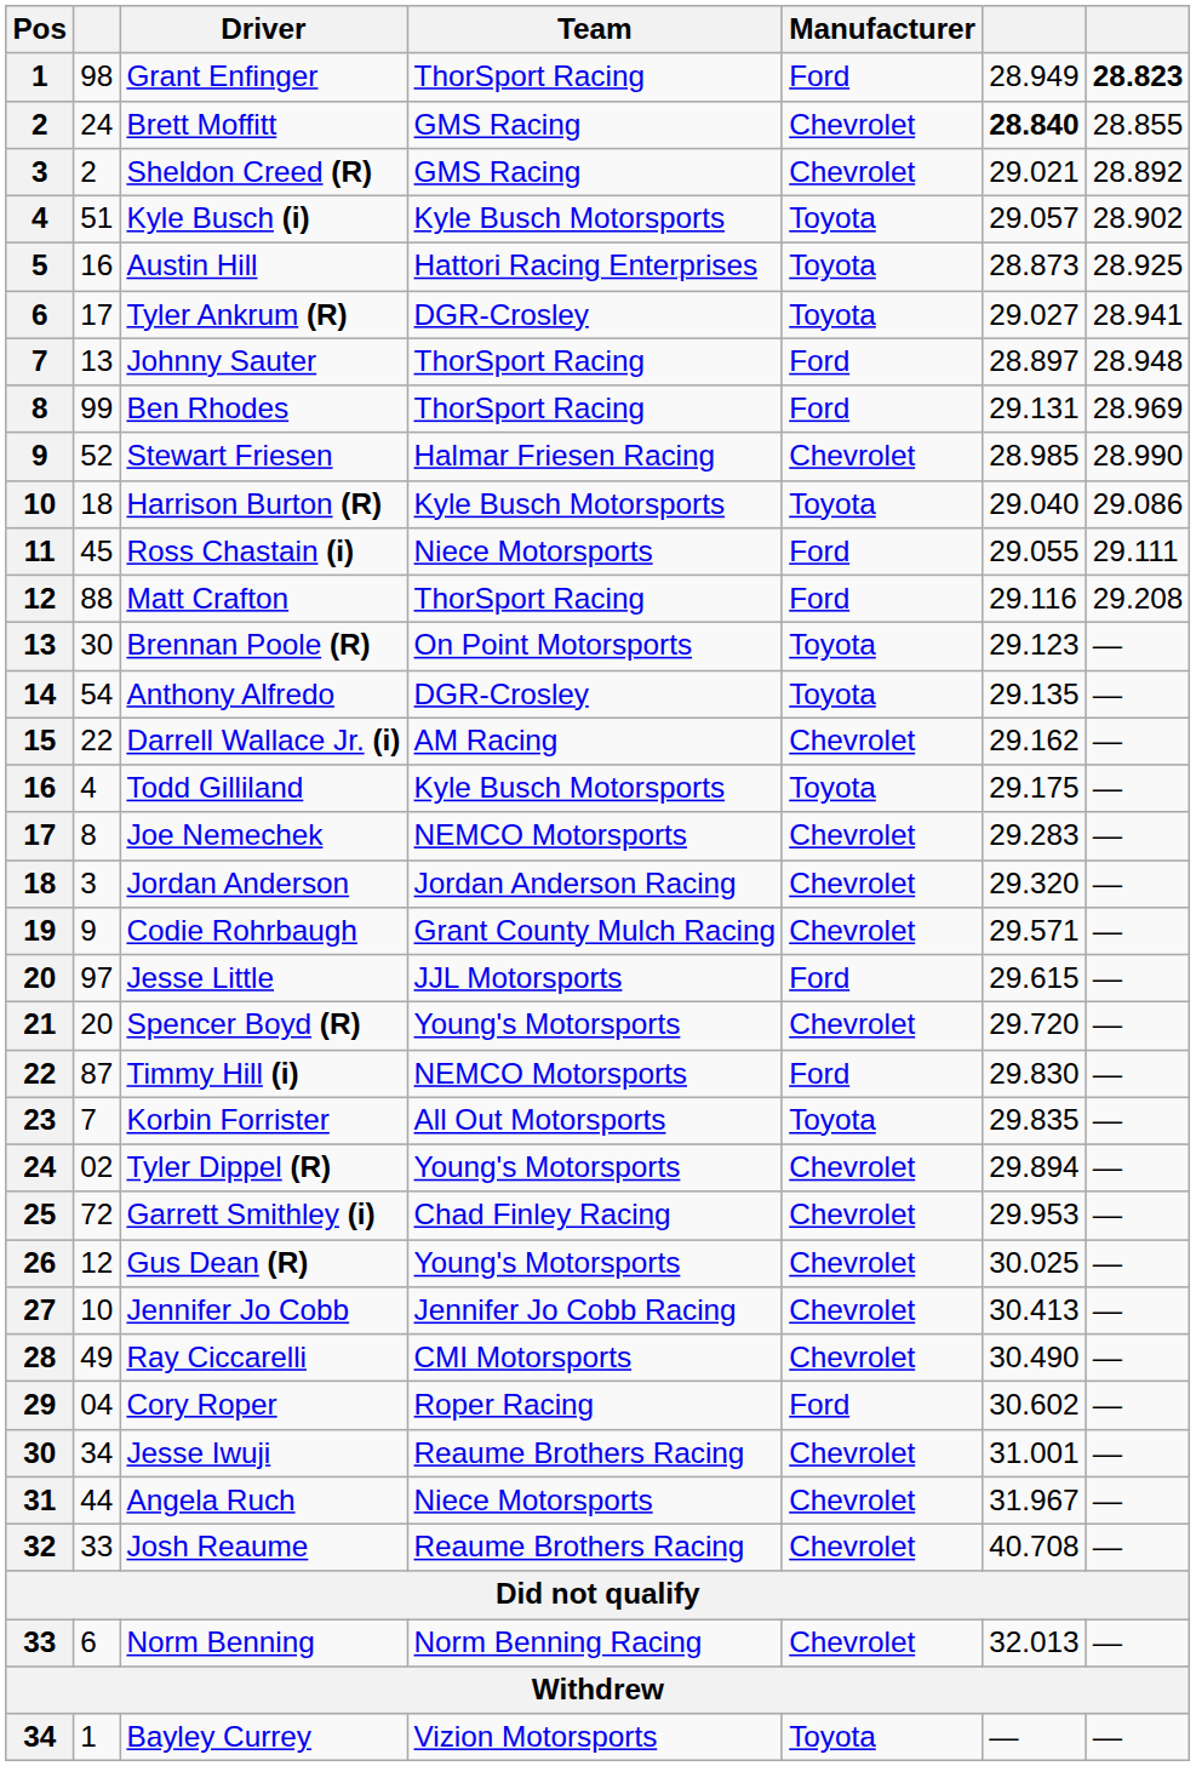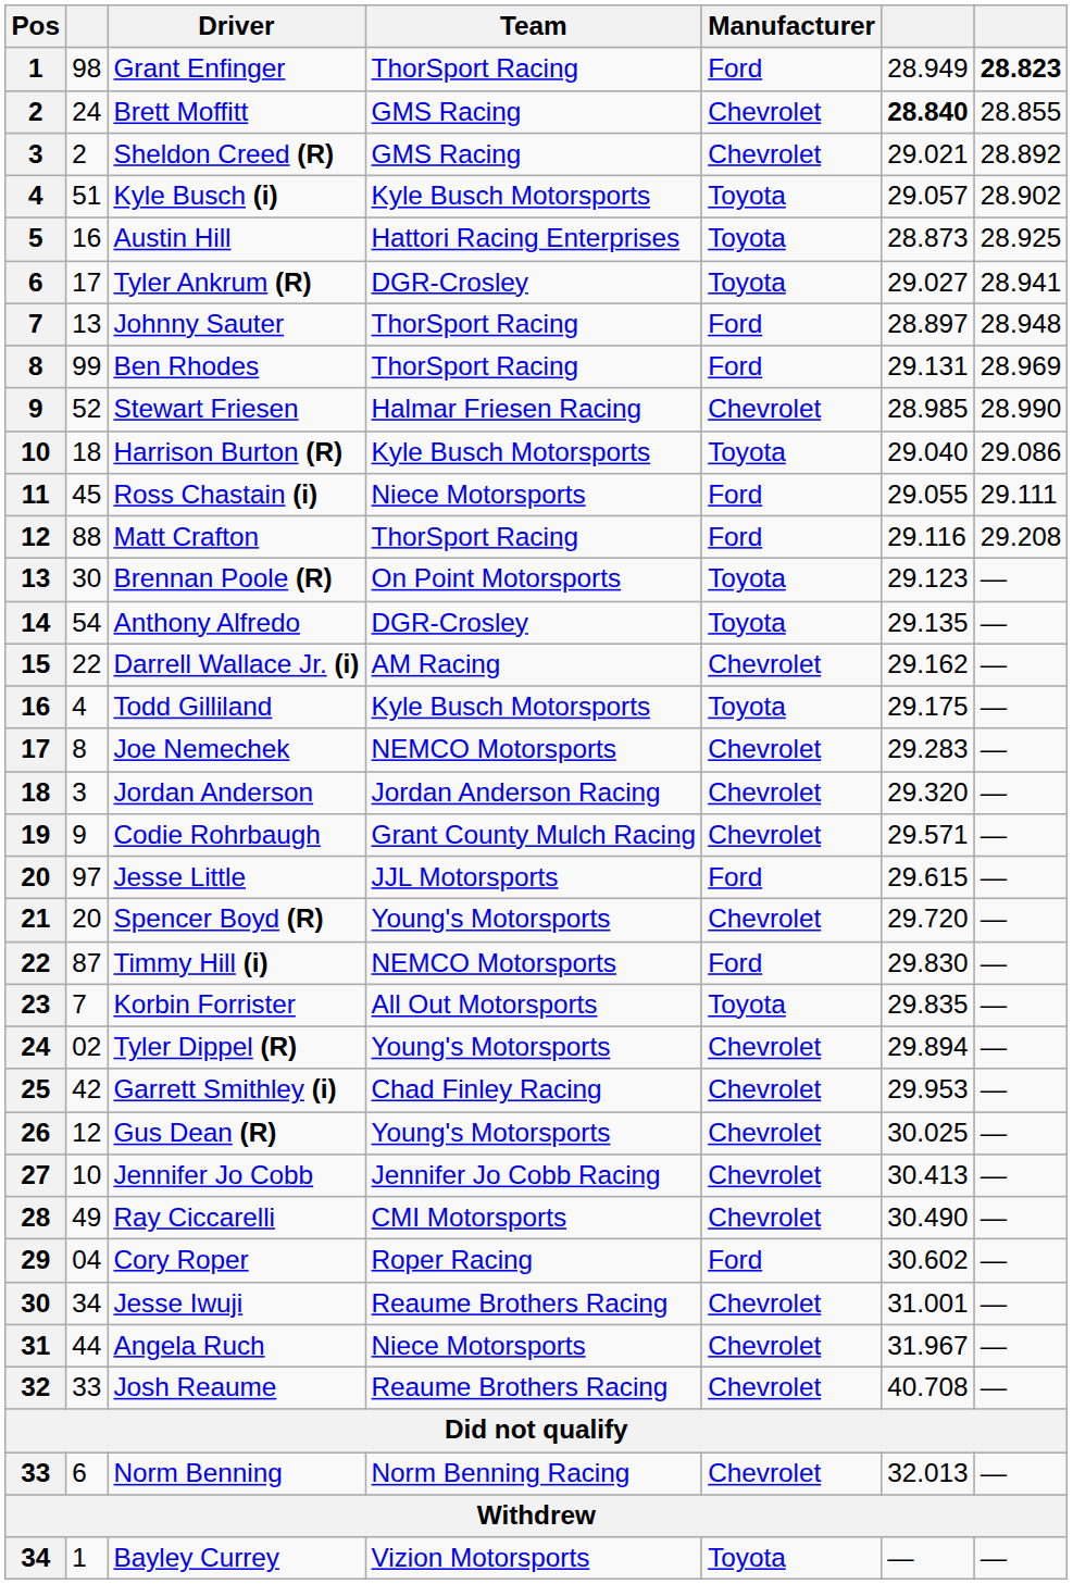 <table class="wikitable" style="font-size:98%">
 <tr>
 <th>Pos</th>
 <th></th>
 <th>Driver</th>
 <th>Team</th>
 <th>Manufacturer</th>
 <th></th>
 <th></th>
 </tr>
 <tr>
 <th>1</th>
 <td>98</td>
 <td><a href='#'>Grant Enfinger</a></td>
 <td><a href='#'>ThorSport Racing</a></td>
 <td><a href='#'>Ford</a></td>
 <td>28.949</td>
 <td><strong>28.823</strong></td>
 </tr>
 <tr>
 <th>2</th>
 <td>24</td>
 <td><a href='#'>Brett Moffitt</a></td>
 <td><a href='#'>GMS Racing</a></td>
 <td><a href='#'>Chevrolet</a></td>
 <td><strong>28.840</strong></td>
 <td>28.855</td>
 </tr>
 <tr>
 <th>3</th>
 <td>2</td>
 <td><a href='#'>Sheldon Creed</a> <strong>(R)</strong></td>
 <td><a href='#'>GMS Racing</a></td>
 <td><a href='#'>Chevrolet</a></td>
 <td>29.021</td>
 <td>28.892</td>
 </tr>
 <tr>
 <th>4</th>
 <td>51</td>
 <td><a href='#'>Kyle Busch</a> <strong>(i)</strong></td>
 <td><a href='#'>Kyle Busch Motorsports</a></td>
 <td><a href='#'>Toyota</a></td>
 <td>29.057</td>
 <td>28.902</td>
 </tr>
 <tr>
 <th>5</th>
 <td>16</td>
 <td><a href='#'>Austin Hill</a></td>
 <td><a href='#'>Hattori Racing Enterprises</a></td>
 <td><a href='#'>Toyota</a></td>
 <td>28.873</td>
 <td>28.925</td>
 </tr>
 <tr>
 <th>6</th>
 <td>17</td>
 <td><a href='#'>Tyler Ankrum</a> <strong>(R)</strong></td>
 <td><a href='#'>DGR-Crosley</a></td>
 <td><a href='#'>Toyota</a></td>
 <td>29.027</td>
 <td>28.941</td>
 </tr>
 <tr>
 <th>7</th>
 <td>13</td>
 <td><a href='#'>Johnny Sauter</a></td>
 <td><a href='#'>ThorSport Racing</a></td>
 <td><a href='#'>Ford</a></td>
 <td>28.897</td>
 <td>28.948</td>
 </tr>
 <tr>
 <th>8</th>
 <td>99</td>
 <td><a href='#'>Ben Rhodes</a></td>
 <td><a href='#'>ThorSport Racing</a></td>
 <td><a href='#'>Ford</a></td>
 <td>29.131</td>
 <td>28.969</td>
 </tr>
 <tr>
 <th>9</th>
 <td>52</td>
 <td><a href='#'>Stewart Friesen</a></td>
 <td><a href='#'>Halmar Friesen Racing</a></td>
 <td><a href='#'>Chevrolet</a></td>
 <td>28.985</td>
 <td>28.990</td>
 </tr>
 <tr>
 <th>10</th>
 <td>18</td>
 <td><a href='#'>Harrison Burton</a> <strong>(R)</strong></td>
 <td><a href='#'>Kyle Busch Motorsports</a></td>
 <td><a href='#'>Toyota</a></td>
 <td>29.040</td>
 <td>29.086</td>
 </tr>
 <tr>
 <th>11</th>
 <td>45</td>
 <td><a href='#'>Ross Chastain</a> <strong>(i)</strong></td>
 <td><a href='#'>Niece Motorsports</a></td>
 <td><a href='#'>Ford</a></td>
 <td>29.055</td>
 <td>29.111</td>
 </tr>
 <tr>
 <th>12</th>
 <td>88</td>
 <td><a href='#'>Matt Crafton</a></td>
 <td><a href='#'>ThorSport Racing</a></td>
 <td><a href='#'>Ford</a></td>
 <td>29.116</td>
 <td>29.208</td>
 </tr>
 <tr>
 <th>13</th>
 <td>30</td>
 <td><a href='#'>Brennan Poole</a> <strong>(R)</strong></td>
 <td><a href='#'>On Point Motorsports</a></td>
 <td><a href='#'>Toyota</a></td>
 <td>29.123</td>
 <td>—</td>
 </tr>
 <tr>
 <th>14</th>
 <td>54</td>
 <td><a href='#'>Anthony Alfredo</a></td>
 <td><a href='#'>DGR-Crosley</a></td>
 <td><a href='#'>Toyota</a></td>
 <td>29.135</td>
 <td>—</td>
 </tr>
 <tr>
 <th>15</th>
 <td>22</td>
 <td><a href='#'>Darrell Wallace Jr.</a> <strong>(i)</strong></td>
 <td><a href='#'>AM Racing</a></td>
 <td><a href='#'>Chevrolet</a></td>
 <td>29.162</td>
 <td>—</td>
 </tr>
 <tr>
 <th>16</th>
 <td>4</td>
 <td><a href='#'>Todd Gilliland</a></td>
 <td><a href='#'>Kyle Busch Motorsports</a></td>
 <td><a href='#'>Toyota</a></td>
 <td>29.175</td>
 <td>—</td>
 </tr>
 <tr>
 <th>17</th>
 <td>8</td>
 <td><a href='#'>Joe Nemechek</a></td>
 <td><a href='#'>NEMCO Motorsports</a></td>
 <td><a href='#'>Chevrolet</a></td>
 <td>29.283</td>
 <td>—</td>
 </tr>
 <tr>
 <th>18</th>
 <td>3</td>
 <td><a href='#'>Jordan Anderson</a></td>
 <td><a href='#'>Jordan Anderson Racing</a></td>
 <td><a href='#'>Chevrolet</a></td>
 <td>29.320</td>
 <td>—</td>
 </tr>
 <tr>
 <th>19</th>
 <td>9</td>
 <td><a href='#'>Codie Rohrbaugh</a></td>
 <td><a href='#'>Grant County Mulch Racing</a></td>
 <td><a href='#'>Chevrolet</a></td>
 <td>29.571</td>
 <td>—</td>
 </tr>
 <tr>
 <th>20</th>
 <td>97</td>
 <td><a href='#'>Jesse Little</a></td>
 <td><a href='#'>JJL Motorsports</a></td>
 <td><a href='#'>Ford</a></td>
 <td>29.615</td>
 <td>—</td>
 </tr>
 <tr>
 <th>21</th>
 <td>20</td>
 <td><a href='#'>Spencer Boyd</a> <strong>(R)</strong></td>
 <td><a href='#'>Young's Motorsports</a></td>
 <td><a href='#'>Chevrolet</a></td>
 <td>29.720</td>
 <td>—</td>
 </tr>
 <tr>
 <th>22</th>
 <td>87</td>
 <td><a href='#'>Timmy Hill</a> <strong>(i)</strong></td>
 <td><a href='#'>NEMCO Motorsports</a></td>
 <td><a href='#'>Ford</a></td>
 <td>29.830</td>
 <td>—</td>
 </tr>
 <tr>
 <th>23</th>
 <td>7</td>
 <td><a href='#'>Korbin Forrister</a></td>
 <td><a href='#'>All Out Motorsports</a></td>
 <td><a href='#'>Toyota</a></td>
 <td>29.835</td>
 <td>—</td>
 </tr>
 <tr>
 <th>24</th>
 <td>02</td>
 <td><a href='#'>Tyler Dippel</a> <strong>(R)</strong></td>
 <td><a href='#'>Young's Motorsports</a></td>
 <td><a href='#'>Chevrolet</a></td>
 <td>29.894</td>
 <td>—</td>
 </tr>
 <tr>
 <th>25</th>
-<td>72</td>
+<td>42</td>
 <td><a href='#'>Garrett Smithley</a> <strong>(i)</strong></td>
 <td><a href='#'>Chad Finley Racing</a></td>
 <td><a href='#'>Chevrolet</a></td>
 <td>29.953</td>
 <td>—</td>
 </tr>
 <tr>
 <th>26</th>
 <td>12</td>
 <td><a href='#'>Gus Dean</a> <strong>(R)</strong></td>
 <td><a href='#'>Young's Motorsports</a></td>
 <td><a href='#'>Chevrolet</a></td>
 <td>30.025</td>
 <td>—</td>
 </tr>
 <tr>
 <th>27</th>
 <td>10</td>
 <td><a href='#'>Jennifer Jo Cobb</a></td>
 <td><a href='#'>Jennifer Jo Cobb Racing</a></td>
 <td><a href='#'>Chevrolet</a></td>
 <td>30.413</td>
 <td>—</td>
 </tr>
 <tr>
 <th>28</th>
 <td>49</td>
 <td><a href='#'>Ray Ciccarelli</a></td>
 <td><a href='#'>CMI Motorsports</a></td>
 <td><a href='#'>Chevrolet</a></td>
 <td>30.490</td>
 <td>—</td>
 </tr>
 <tr>
 <th>29</th>
 <td>04</td>
 <td><a href='#'>Cory Roper</a></td>
 <td><a href='#'>Roper Racing</a></td>
 <td><a href='#'>Ford</a></td>
 <td>30.602</td>
 <td>—</td>
 </tr>
 <tr>
 <th>30</th>
 <td>34</td>
 <td><a href='#'>Jesse Iwuji</a></td>
 <td><a href='#'>Reaume Brothers Racing</a></td>
 <td><a href='#'>Chevrolet</a></td>
 <td>31.001</td>
 <td>—</td>
 </tr>
 <tr>
 <th>31</th>
 <td>44</td>
 <td><a href='#'>Angela Ruch</a></td>
 <td><a href='#'>Niece Motorsports</a></td>
 <td><a href='#'>Chevrolet</a></td>
 <td>31.967</td>
 <td>—</td>
 </tr>
 <tr>
 <th>32</th>
 <td>33</td>
 <td><a href='#'>Josh Reaume</a></td>
 <td><a href='#'>Reaume Brothers Racing</a></td>
 <td><a href='#'>Chevrolet</a></td>
 <td>40.708</td>
 <td>—</td>
 </tr>
 <tr>
 <th colspan="7">Did not qualify</th>
 </tr>
 <tr>
 <th>33</th>
 <td>6</td>
 <td><a href='#'>Norm Benning</a></td>
 <td><a href='#'>Norm Benning Racing</a></td>
 <td><a href='#'>Chevrolet</a></td>
 <td>32.013</td>
 <td>—</td>
 </tr>
 <tr>
 <th colspan="7">Withdrew</th>
 </tr>
 <tr>
 <th>34</th>
 <td>1</td>
 <td><a href='#'>Bayley Currey</a></td>
 <td><a href='#'>Vizion Motorsports</a></td>
 <td><a href='#'>Toyota</a></td>
 <td>—</td>
 <td>—</td>
 </tr>
 <tr>
 </tr>
 </table>
